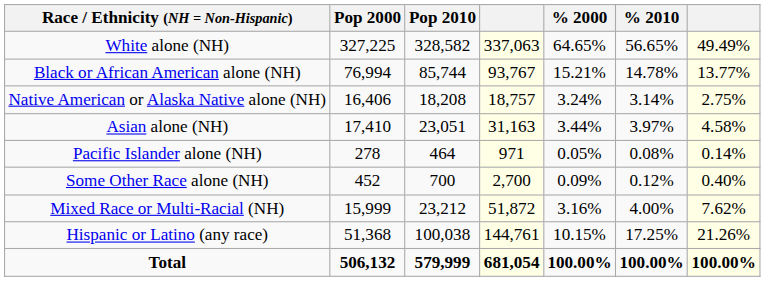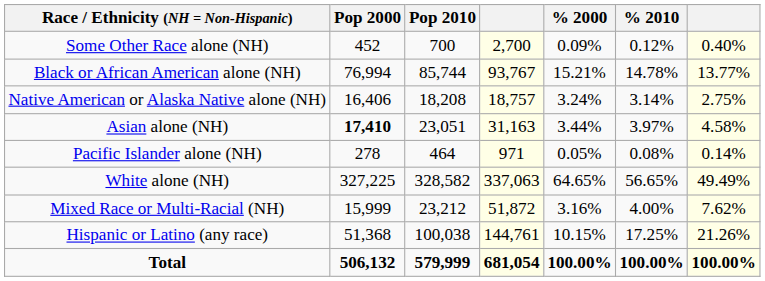 <table class="wikitable" style="text-align:center;">
 <tr>
 <th>Race / Ethnicity <small>(<em>NH = Non-Hispanic</em>)</small></th>
 <th>Pop 2000</th>
 <th>Pop 2010</th>
 <th></th>
 <th>% 2000</th>
 <th>% 2010</th>
 <th></th>
 </tr>
 <tr>
-<td><a href='#'>White</a> alone (NH)</td>
-<td>327,225</td>
-<td>328,582</td>
-<td style='background: #ffffe6;'>337,063</td>
-<td>64.65%</td>
-<td>56.65%</td>
-<td style='background: #ffffe6;'>49.49%</td>
+<td><a href='#'>Some Other Race</a> alone (NH)</td>
+<td>452</td>
+<td>700</td>
+<td style='background: #ffffe6;'>2,700</td>
+<td>0.09%</td>
+<td>0.12%</td>
+<td style='background: #ffffe6;'>0.40%</td>
 </tr>
 <tr>
 <td><a href='#'>Black or African American</a> alone (NH)</td>
 <td>76,994</td>
 <td>85,744</td>
 <td style='background: #ffffe6;'>93,767</td>
 <td>15.21%</td>
 <td>14.78%</td>
 <td style='background: #ffffe6;'>13.77%</td>
 </tr>
 <tr>
 <td><a href='#'>Native American</a> or <a href='#'>Alaska Native</a> alone (NH)</td>
 <td>16,406</td>
 <td>18,208</td>
 <td style='background: #ffffe6;'>18,757</td>
 <td>3.24%</td>
 <td>3.14%</td>
 <td style='background: #ffffe6;'>2.75%</td>
 </tr>
 <tr>
 <td><a href='#'>Asian</a> alone (NH)</td>
-<td>17,410</td>
+<td><strong>17,410</strong></td>
 <td>23,051</td>
 <td style='background: #ffffe6;'>31,163</td>
 <td>3.44%</td>
 <td>3.97%</td>
 <td style='background: #ffffe6;'>4.58%</td>
 </tr>
 <tr>
 <td><a href='#'>Pacific Islander</a> alone (NH)</td>
 <td>278</td>
 <td>464</td>
 <td style='background: #ffffe6;'>971</td>
 <td>0.05%</td>
 <td>0.08%</td>
 <td style='background: #ffffe6;'>0.14%</td>
 </tr>
 <tr>
-<td><a href='#'>Some Other Race</a> alone (NH)</td>
-<td>452</td>
-<td>700</td>
-<td style='background: #ffffe6;'>2,700</td>
-<td>0.09%</td>
-<td>0.12%</td>
-<td style='background: #ffffe6;'>0.40%</td>
+<td><a href='#'>White</a> alone (NH)</td>
+<td>327,225</td>
+<td>328,582</td>
+<td style='background: #ffffe6;'>337,063</td>
+<td>64.65%</td>
+<td>56.65%</td>
+<td style='background: #ffffe6;'>49.49%</td>
 </tr>
 <tr>
 <td><a href='#'>Mixed Race or Multi-Racial</a> (NH)</td>
 <td>15,999</td>
 <td>23,212</td>
 <td style='background: #ffffe6;'>51,872</td>
 <td>3.16%</td>
 <td>4.00%</td>
 <td style='background: #ffffe6;'>7.62%</td>
 </tr>
 <tr>
 <td><a href='#'>Hispanic or Latino</a> (any race)</td>
 <td>51,368</td>
 <td>100,038</td>
 <td style='background: #ffffe6;'>144,761</td>
 <td>10.15%</td>
 <td>17.25%</td>
 <td style='background: #ffffe6;'>21.26%</td>
 </tr>
 <tr>
 <td><strong>Total</strong></td>
 <td><strong>506,132</strong></td>
 <td><strong>579,999</strong></td>
 <td style='background: #ffffe6;'><strong>681,054</strong></td>
 <td><strong>100.00%</strong></td>
 <td><strong>100.00%</strong></td>
 <td style='background: #ffffe6;'><strong>100.00%</strong></td>
 </tr>
 </table>
